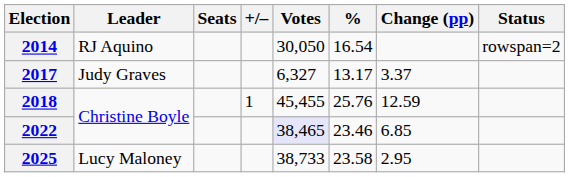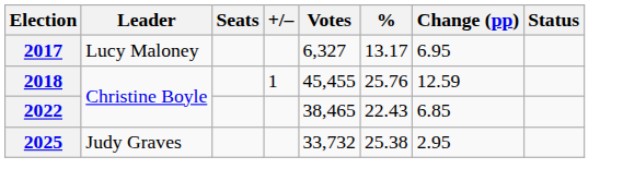 <table class="wikitable">
 <tr>
 <th>Election</th>
 <th>Leader</th>
 <th>Seats</th>
 <th>+/–</th>
 <th>Votes</th>
 <th>%</th>
 <th>Change (<a href='#'>pp</a>)</th>
 <th>Status</th>
 </tr>
 <tr>
-<th><a href='#'>2014</a></th>
-<td>RJ Aquino</td>
-<td></td>
-<td></td>
-<td>30,050</td>
-<td>16.54</td>
-<td></td>
-<td>rowspan=2 </td>
-</tr>
-<tr>
 <th><a href='#'>2017</a></th>
-<td>Judy Graves</td>
+<td>Lucy Maloney</td>
 <td></td>
 <td></td>
 <td>6,327</td>
 <td>13.17</td>
-<td> 3.37</td>
+<td> 6.95</td>
 </tr>
 <tr>
 <th><a href='#'>2018</a></th>
 <td rowspan=2><a href='#'>Christine Boyle</a></td>
 <td></td>
 <td> 1</td>
 <td>45,455</td>
 <td>25.76</td>
 <td> 12.59</td>
 <td></td>
 </tr>
 <tr>
 <th><a href='#'>2022</a></th>
 <td></td>
 <td></td>
-<td style="background: lavender;">38,465</td>
-<td>23.46</td>
+<td>38,465</td>
+<td>22.43</td>
 <td> 6.85</td>
 <td></td>
 </tr>
 <tr>
 <th><a href='#'>2025</a></th>
-<td>Lucy Maloney</td>
+<td>Judy Graves</td>
 <td></td>
 <td></td>
-<td>38,733</td>
-<td>23.58</td>
+<td>33,732</td>
+<td>25.38</td>
 <td> 2.95</td>
 <td></td>
 </tr>
 </table>
